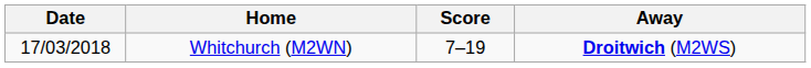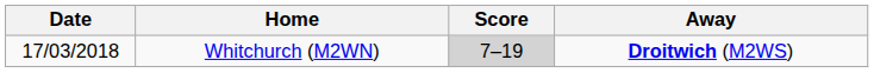 <table class="wikitable" style="text-align: center">
 <tr>
 <th width=100>Date</th>
 <th width=250>Home</th>
 <th width=80>Score</th>
 <th width=250>Away</th>
 </tr>
 <tr>
 <td>17/03/2018</td>
 <td><a href='#'>Whitchurch</a> (<a href='#'>M2WN</a>)</td>
-<td>7–19</td>
+<td style="background: lightgrey;">7–19</td>
 <td><strong><a href='#'>Droitwich</a></strong> (<a href='#'>M2WS</a>)</td>
 </tr>
 <tr>
 </tr>
 </table>
